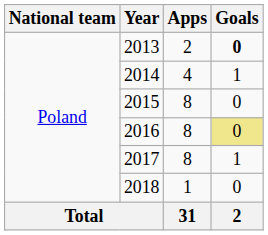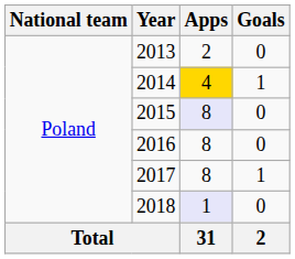 <table class="wikitable" style="text-align:center">
 <tr>
 <th>National team</th>
 <th>Year</th>
 <th>Apps</th>
 <th>Goals</th>
 </tr>
 <tr>
 <td rowspan="6"><a href='#'>Poland</a></td>
 <td>2013</td>
 <td>2</td>
-<td><strong>0</strong></td>
+<td>0</td>
 </tr>
 <tr>
 <td>2014</td>
-<td>4</td>
+<td style="background: gold;">4</td>
 <td>1</td>
 </tr>
 <tr>
 <td>2015</td>
-<td>8</td>
+<td style="background: lavender;">8</td>
 <td>0</td>
 </tr>
 <tr>
 <td>2016</td>
 <td>8</td>
-<td style="background: khaki;">0</td>
+<td>0</td>
 </tr>
 <tr>
 <td>2017</td>
 <td>8</td>
 <td>1</td>
 </tr>
 <tr>
 <td>2018</td>
-<td>1</td>
+<td style="background: lavender;">1</td>
 <td>0</td>
 </tr>
 <tr>
 <th colspan="2">Total</th>
 <th>31</th>
 <th>2</th>
 </tr>
 </table>
